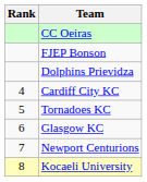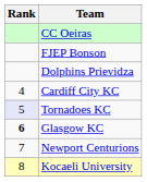 <table class="wikitable">
 <tr>
 <th>Rank</th>
 <th>Team</th>
 </tr>
 <tr bgcolor=#ccffcc>
 <td align=center></td>
 <td> <a href='#'>CC Oeiras</a></td>
 </tr>
 <tr>
 <td align=center></td>
 <td> <a href='#'>FJEP Bonson</a></td>
 </tr>
 <tr>
 <td align=center></td>
 <td> <a href='#'>Dolphins Prievidza</a></td>
 </tr>
 <tr>
 <td align=center>4</td>
 <td> <a href='#'>Cardiff City KC</a></td>
 </tr>
 <tr>
-<td align=center>5</td>
+<td align=center style="background: lavender;">5</td>
 <td> <a href='#'>Tornadoes KC</a></td>
 </tr>
 <tr>
-<td align=center>6</td>
+<td align=center><strong>6</strong></td>
 <td> <a href='#'>Glasgow KC</a></td>
 </tr>
 <tr>
 <td align=center>7</td>
 <td> <a href='#'>Newport Centurions</a></td>
 </tr>
 <tr style="text-align: left;background: #FFFFBB;">
 <td align=center>8</td>
 <td> <a href='#'>Kocaeli University</a></td>
 </tr>
 </table>
